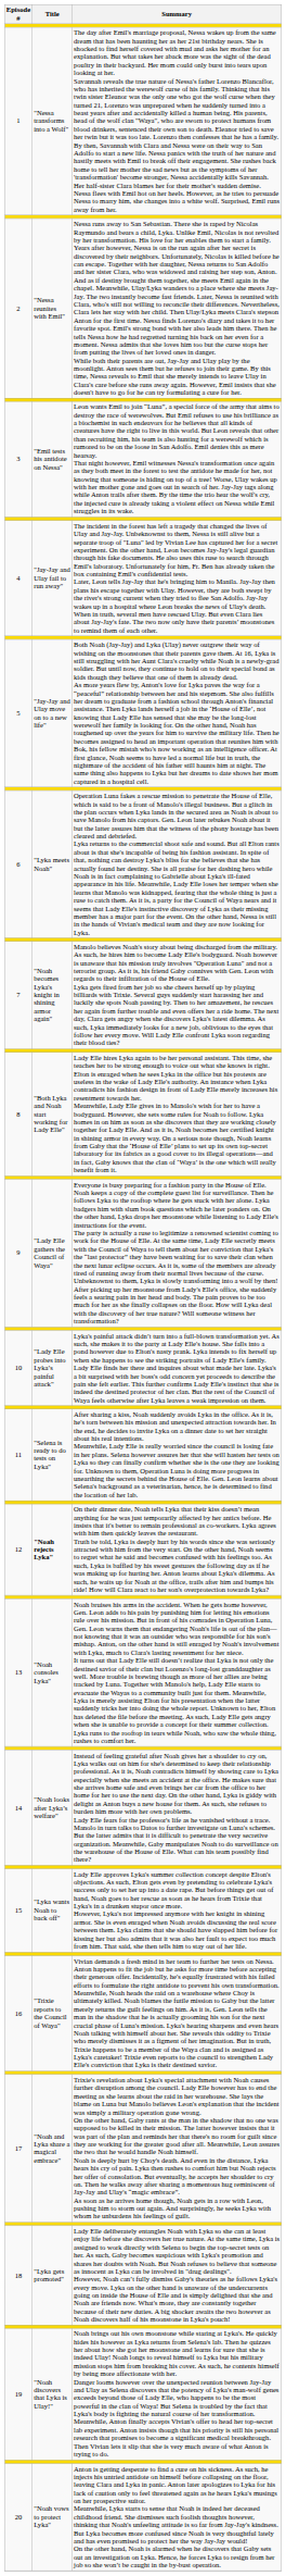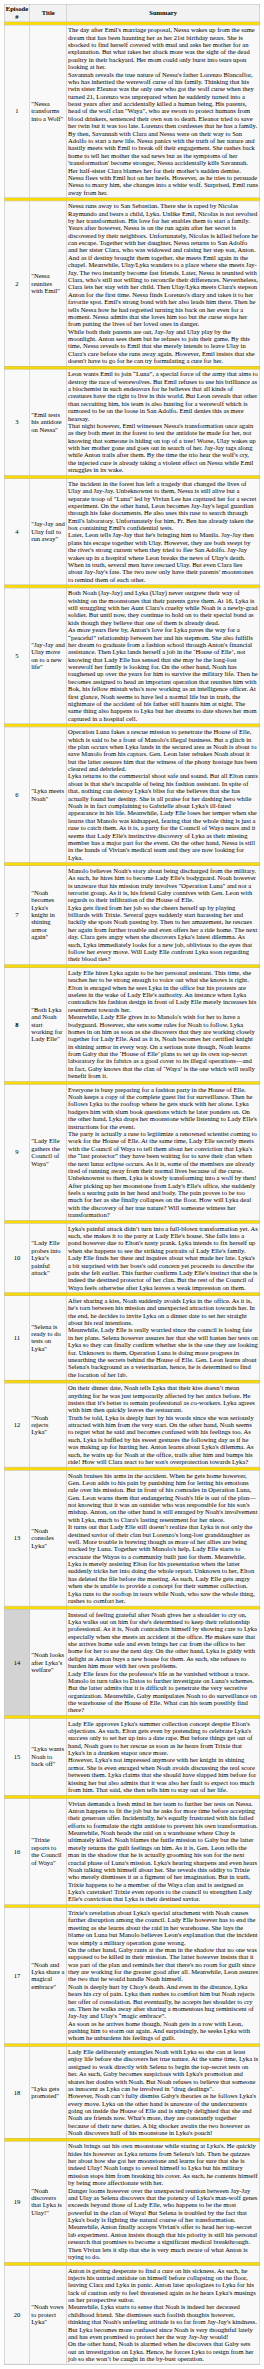 <table class="wikitable" style="margin:1em auto;">
 <tr>
 <th>Episode #</th>
 <th>Title</th>
 <th>Summary</th>
 </tr>
 <tr>
 <td colspan="3" bgcolor="#fada00"></td>
 </tr>
 <tr>
 <td align=center>1</td>
 <td>"Nessa transforms into a Wolf"</td>
 <td>The day after Emil's marriage proposal, Nessa wakes up from the same dream that has been haunting her as her 21st birthday nears. She is shocked to find herself covered with mud and asks her mother for an explanation. But what takes her aback more was the sight of the dead poultry in their backyard. Her mom could only burst into tears upon looking at her.<br>Savannah reveals the true nature of Nessa's father Lorenzo Blancaflor, who has inherited the werewolf curse of his family. Thinking that his twin sister Eleanor was the only one who got the wolf curse when they turned 21, Lorenzo was unprepared when he suddenly turned into a beast years after and accidentally killed a human being. His parents, head of the wolf clan "Waya", who are sworn to protect humans from blood drinkers, sentenced their own son to death. Eleanor tried to save her twin but it was too late. Lorenzo then confesses that he has a family. By then, Savannah with Clara and Nessa were on their way to San Adolfo to start a new life. Nessa panics with the truth of her nature and hastily meets with Emil to break off their engagement. She rushes back home to tell her mother the sad news but as the symptoms of her 'transformation' become stronger, Nessa accidentally kills Savannah. Her half-sister Clara blames her for their mother's sudden demise. Nessa flees with Emil hot on her heels. However, as he tries to persuade Nessa to marry him, she changes into a white wolf. Surprised, Emil runs away from her.</td>
 </tr>
 <tr>
 <td colspan="3" bgcolor="#fada00"></td>
 </tr>
 <tr>
 <td align=center>2</td>
 <td>"Nessa reunites with Emil"</td>
 <td>Nessa runs away to San Sebastian. There she is raped by Nicolas Raymundo and bears a child, Lyka.  Unlike Emil, Nicolas is not revolted by her transformation. His love for her enables them to start a family. Years after however, Nessa is on the run again after her secret is discovered by their neighbors. Unfortunately, Nicolas is killed before he can escape. Together with her daughter, Nessa returns to San Adolfo and her sister Clara, who was widowed and raising her step son, Anton.<br>And as if destiny brought them together, she meets Emil again in the chapel. Meanwhile, Ulay/Lyka wanders to a place where she meets Jay-Jay. The two instantly become fast friends. Later, Nessa is reunited with Clara, who's still not willing to reconcile their differences. Nevertheless, Clara lets her stay with her child. Then Ulay/Lyka meets Clara's stepson Anton for the first time. Nessa finds Lorenzo's diary and takes it to her favorite spot. Emil's strong bond with her also leads him there. Then he tells Nessa how he had regretted turning his back on her even for a moment. Nessa admits that she loves him too but the curse stops her from putting the lives of her loved ones in danger.<br>While both their parents are out, Jay-Jay and Ulay play by the moonlight. Anton sees them but he refuses to join their game. By this time, Nessa reveals to Emil that she merely intends to leave Ulay in Clara's care before she runs away again. However, Emil insists that she doesn't have to go for he can try formulating a cure for her.</td>
 </tr>
 <tr>
 <td colspan="3" bgcolor="#fada00"></td>
 </tr>
 <tr>
 <td align=center>3</td>
 <td>"Emil tests his antidote on Nessa"</td>
 <td>Leon wants Emil to join “Luna”, a special force of the army that aims to destroy the race of werewolves. But Emil refuses to use his brilliance as a biochemist in such endeavors for he believes that all kinds of creatures have the right to live in this world. But Leon reveals that other than recruiting him, his team is also hunting for a werewolf which is rumored to be on the loose in San Adolfo. Emil denies this as mere hearsay.<br>That night however, Emil witnesses Nessa's transformation once again as they both meet in the forest to test the antidote he made for her, not knowing that someone is hiding on top of a tree! Worse, Ulay wakes up with her mother gone and goes out in search of her. Jay-Jay tags along while Anton trails after them. By the time the trio hear the wolf's cry, the injected cure is already taking a violent effect on Nessa while Emil struggles in its wake.</td>
 </tr>
 <tr>
 <td colspan="3" bgcolor="#fada00"></td>
 </tr>
 <tr>
 <td align=center>4</td>
 <td>"Jay-Jay and Ulay fail to run away"</td>
 <td>The incident in the forest has left a tragedy that changed the lives of Ulay and Jay-Jay. Unbeknownst to them, Nessa is still alive but a separate troop of "Luna" led by Vivian Lee has captured her for a secret experiment. On the other hand, Leon becomes Jay-Jay's legal guardian through his fake documents. He also uses this ruse to search through Emil's laboratory. Unfortunately for him, Fr. Ben has already taken the box containing Emil's confidential tests.<br>Later, Leon tells Jay-Jay that he's bringing him to Manila. Jay-Jay then plans his escape together with Ulay. However, they are both swept by the river's strong current when they tried to flee San Adolfo. Jay-Jay wakes up in a hospital where Leon breaks the news of Ulay's death. When in truth, several men have rescued Ulay. But even Clara lies about Jay-Jay's fate. The two now only have their parents’ moonstones to remind them of each other.</td>
 </tr>
 <tr>
 <td colspan="3" bgcolor="#fada00"></td>
 </tr>
 <tr>
 <td align=center>5</td>
 <td>"Jay-Jay and Ulay move on to a new life"</td>
 <td>Both Noah (Jay-Jay) and Lyka (Ulay) never outgrew their way of wishing on the moonstones that their parents gave them. At 16, Lyka is still struggling with her Aunt Clara's cruelty while Noah is a newly-grad soldier. But until now, they continue to hold on to their special bond as kids though they believe that one of them is already dead.<br>As more years flew by, Anton's love for Lyka paves the way for a “peaceful” relationship between her and his stepmom. She also fulfills her dream to graduate from a fashion school through Anton's financial assistance. Then Lyka lands herself a job in the ‘House of Elle’, not knowing that Lady Elle has sensed that she may be the long-lost werewolf her family is looking for. On the other hand, Noah has toughened up over the years for him to survive the military life. Then he becomes assigned to head an important operation that reunites him with Bok, his fellow mistah who's now working as an intelligence officer. At first glance, Noah seems to have led a normal life but in truth, the nightmare of the accident of his father still haunts him at night. The same thing also happens to Lyka but her dreams to date shows her mom captured in a hospital cell.</td>
 </tr>
 <tr>
 <td colspan="3" bgcolor="#fada00"></td>
 </tr>
 <tr>
 <td align=center>6</td>
 <td>"Lyka meets Noah"</td>
 <td>Operation Luna fakes a rescue mission to penetrate the House of Elle, which is said to be a front of Manolo's illegal business. But a glitch in the plan occurs when Lyka lands in the secured area as Noah is about to save Manolo from his captors. Gen. Leon later rebukes Noah about it but the latter assures him that the witness of the phony hostage has been cleared and debriefed.<br>Lyka returns to the commercial shoot safe and sound. But all Elton rants about is that she's incapable of being his fashion assistant. In spite of that, nothing can destroy Lyka's bliss for she believes that she has actually found her destiny. She is all praise for her dashing hero while Noah is in fact complaining to Gabrielle about Lyka's ill-fated appearance in his life. Meanwhile, Lady Elle loses her temper when she learns that Manolo was kidnapped, fearing that the whole thing is just a ruse to catch them. As it is, a party for the Council of Waya nears and it seems that Lady Elle's instinctive discovery of Lyka as their missing member has a major part for the event. On the other hand, Nessa is still in the hands of Vivian's medical team and they are now looking for Lyka.</td>
 </tr>
 <tr>
 <td colspan="3" bgcolor="#fada00"></td>
 </tr>
 <tr>
 <td align=center>7</td>
 <td>"Noah becomes Lyka's knight in shining armor again"</td>
 <td>Manolo believes Noah's story about being discharged from the military. As such, he hires him to become Lady Elle's bodyguard. Noah however is unaware that his mission truly involves "Operation Luna" and not a terrorist group. As it is, his friend Gaby connives with Gen. Leon with regards to their infiltration of the House of Elle.<br>Lyka gets fired from her job so she cheers herself up by playing billiards with Trixie. Several guys suddenly start harassing her and luckily she spots Noah passing by. Then to her amazement, he rescues her again from further trouble and even offers her a ride home. The next day, Clara gets angry when she discovers Lyka's latest dilemma. As such, Lyka immediately looks for a new job, oblivious to the eyes that follow her every move. Will Lady Elle confront Lyka soon regarding their blood ties?</td>
 </tr>
 <tr>
 <td colspan="3" bgcolor="#fada00"></td>
 </tr>
 <tr>
-<td align=center>8</td>
+<td align=center><strong>8</strong></td>
 <td>"Both Lyka and Noah start working for Lady Elle"</td>
 <td>Lady Elle hires Lyka again to be her personal assistant. This time, she teaches her to be strong enough to voice out what she knows is right. Elton is enraged when he sees Lyka in the office but his protests are useless in the wake of Lady Elle's authority. An instance when Lyka contradicts his fashion design in front of Lady Elle merely increases his resentment towards her.<br>Meanwhile, Lady Elle gives in to Manolo's wish for her to have a bodyguard. However, she sets some rules for Noah to follow. Lyka homes in on him as soon as she discovers that they are working closely together for Lady Elle. And as it is, Noah becomes her certified knight in shining armor in every way. On a serious note though, Noah learns from Gaby that the ‘House of Elle’ plans to set up its own top-secret laboratory for its fabrics as a good cover to its illegal operations—and in fact, Gaby knows that the clan of ‘Waya’ is the one which will really benefit from it.</td>
 </tr>
 <tr>
 <td colspan="3" bgcolor="#fada00"></td>
 </tr>
 <tr>
 <td align=center>9</td>
 <td>"Lady Elle gathers the Council of Waya"</td>
 <td>Everyone is busy preparing for a fashion party in the House of Elle. Noah keeps a copy of the complete guest list for surveillance. Then he follows Lyka to the rooftop where he gets stuck with her alone. Lyka badgers him with slum book questions which he later ponders on. On the other hand, Lyka drops her moonstone while listening to Lady Elle's instructions for the event.<br>The party is actually a ruse to legitimize a renowned scientist coming to work for the House of Elle. At the same time, Lady Elle secretly meets with the Council of Waya to tell them about her conviction that Lyka's the “last protector” they have been waiting for to save their clan when the next lunar eclipse occurs. As it is, some of the members are already tired of running away from their normal lives because of the curse. Unbeknownst to them, Lyka is slowly transforming into a wolf by then! After picking up her moonstone from Lady's Elle's office, she suddenly feels a searing pain in her head and body. The pain proves to be too much for her as she finally collapses on the floor. How will Lyka deal with the discovery of her true nature? Will someone witness her transformation?</td>
 </tr>
 <tr>
 <td colspan="3" bgcolor="#fada00"></td>
 </tr>
 <tr>
 <td align=center>10</td>
 <td>"Lady Elle probes into Lyka’s painful attack"</td>
 <td>Lyka's painful attack didn’t turn into a full-blown transformation yet. As such, she makes it to the party at Lady Elle's house. She falls into a pond however due to Elton's nasty prank. Lyka intends to fix herself up when she happens to see the striking portraits of Lady Elle's family. Lady Elle finds her there and inquires about what made her late. Lyka's a bit surprised with her boss's odd concern yet proceeds to describe the pain she felt earlier. This further confirms Lady Elle's instinct that she is indeed the destined protector of her clan. But the rest of the Council of Waya feels otherwise after Lyka leaves a weak impression on them.</td>
 </tr>
 <tr>
 <td colspan="3" bgcolor="#fada00"></td>
 </tr>
 <tr>
 <td align=center>11</td>
 <td>"Selena is ready to do tests on Lyka"</td>
 <td>After sharing a kiss, Noah suddenly avoids Lyka in the office. As it is, he's torn between his mission and unexpected attraction towards her. In the end, he decides to invite Lyka on a dinner date to set her straight about his real intentions.<br>Meanwhile, Lady Elle is really worried since the council is losing fate in her plans. Selena however assures her that she will hasten her tests on Lyka so they can finally confirm whether she is the one they are looking for. Unknown to them, Operation Luna is doing more progress in unearthing the secrets behind the House of Elle. Gen. Leon learns about Selena's background as a veterinarian, hence, he is determined to find the location of her lab.</td>
 </tr>
 <tr>
 <td colspan="3" bgcolor="#fada00"></td>
 </tr>
 <tr>
 <td align=center>12</td>
-<td><strong>"Noah rejects Lyka"</strong></td>
+<td>"Noah rejects Lyka"</td>
 <td>On their dinner date, Noah tells Lyka that their kiss doesn’t mean anything for he was just temporarily affected by her antics before. He insists that it's better to remain professional as co-workers. Lyka agrees with him then quickly leaves the restaurant.<br>Truth be told, Lyka is deeply hurt by his words since she was seriously attracted with him from the very start. On the other hand, Noah seems to regret what he said and becomes confused with his feelings too. As such, Lyka is baffled by his sweet gestures the following day as if he was making up for hurting her. Anton learns about Lyka's dilemma. As such, he waits up for Noah at the office, trails after him and bumps his ride! How will Clara react to her son's overprotection towards Lyka?</td>
 </tr>
 <tr>
 <td colspan="3" bgcolor="#fada00"></td>
 </tr>
 <tr>
 <td align=center>13</td>
 <td>"Noah consoles Lyka"</td>
 <td>Noah bruises his arms in the accident. When he gets home however, Gen. Leon adds to his pain by punishing him for letting his emotions rule over his mission. But in front of his comrades in Operation Luna, Gen. Leon warns them that endangering Noah's life is out of the plan—not knowing that it was an outsider who was responsible for his son's mishap. Anton, on the other hand is still enraged by Noah's involvement with Lyka, much to Clara's lasting resentment for her niece.<br>It turns out that Lady Elle still doesn’t realize that Lyka is not only the destined savior of their clan but Lorenzo's long-lost granddaughter as well. More trouble is brewing though as more of her allies are being tracked by Luna. Together with Manolo's help, Lady Elle starts to evacuate the Wayas to a community built just for them. Meanwhile, Lyka is merely assisting Elton for his presentation when the latter suddenly tricks her into doing the whole report. Unknown to her, Elton has deleted the file before the meeting. As such, Lady Elle gets angry when she is unable to provide a concept for their summer collection. Lyka runs to the rooftop in tears while Noah, who saw the whole thing, rushes to comfort her.</td>
 </tr>
 <tr>
 <td colspan="3" bgcolor="#fada00"></td>
 </tr>
 <tr>
-<td align=center>14</td>
+<td align=center style="background: lightgrey;">14</td>
 <td>"Noah looks after Lyka’s welfare"</td>
 <td>Instead of feeling grateful after Noah gives her a shoulder to cry on, Lyka walks out on him for she's determined to keep their relationship professional. As it is, Noah contradicts himself by showing care to Lyka especially when she meets an accident at the office. He makes sure that she arrives home safe and even brings her car from the office to her home for her to use the next day. On the other hand, Lyka is giddy with delight as Anton buys a new house for them. As such, she refuses to burden him more with her own problems.<br>Lady Elle fears for the professor's life as he vanished without a trace. Manolo in turn talks to Datos to further investigate on Luna's schemes. But the latter admits that it is difficult to penetrate the very secretive organization. Meanwhile, Gaby manipulates Noah to do surveillance on the warehouse of the House of Elle. What can his team possibly find there?</td>
 </tr>
 <tr>
 <td colspan="3" bgcolor="#fada00"></td>
 </tr>
 <tr>
 <td align=center>15</td>
 <td>"Lyka wants Noah to back off"</td>
 <td>Lady Elle approves Lyka's summer collection concept despite Elton's objections. As such, Elton gets even by pretending to celebrate Lyka's success only to set her up into a date rape. But before things get out of hand, Noah goes to her rescue as soon as he hears from Trixie that Lyka's in a drunken stupor once more.<br>However, Lyka's not impressed anymore with her knight in shining armor. She is even enraged when Noah avoids discussing the real score between them. Lyka claims that she should have slapped him before for kissing her but also admits that it was also her fault to expect too much from him. That said, she then tells him to stay out of her life. </td>
 </tr>
 <tr>
 <td colspan="3" bgcolor="#fada00"></td>
 </tr>
 <tr>
 <td align=center>16</td>
 <td>"Trixie reports to the Council of Waya"</td>
 <td>Vivian demands a fresh mind in her team to further her tests on Nessa. Anton happens to fit the job but he asks for more time before accepting their generous offer. Incidentally, he's equally frustrated with his failed efforts to formulate the right antidote to prevent his own transformation.<br>Meanwhile, Noah heads the raid on a warehouse where Choy is ultimately killed. Noah blames the futile mission to Gaby but the latter merely returns the guilt feelings on him. As it is, Gen. Leon tells the man in the shadow that he is actually grooming his son for the next crucial phase of Luna's mission. Lyka's hearing sharpens and even hears Noah talking with himself about her. She reveals this oddity to Trixie who merely dismisses it as a figment of her imagination. But in truth, Trixie happens to be a member of the Waya clan and is assigned as Lyka's caretaker! Trixie even reports to the council to strengthen Lady Elle's conviction that Lyka is their destined savior.</td>
 </tr>
 <tr>
 <td colspan="3" bgcolor="#fada00"></td>
 </tr>
 <tr>
 <td align=center>17</td>
 <td>"Noah and Lyka share a magical embrace"</td>
 <td>Trixie's revelation about Lyka's special attachment with Noah causes further disruption among the council. Lady Elle however has to end the meeting as she learns about the raid in her warehouse. She lays the blame on Luna but Manolo believes Leon's explanation that the incident was simply a military operation gone wrong.<br>On the other hand, Gaby rants at the man in the shadow that no one was supposed to be killed in their mission. The latter however insists that it was part of the plan and reminds her that there's no room for guilt since they are working for the greater good after all. Meanwhile, Leon assures the two that he would handle Noah himself.<br>Noah is deeply hurt by Choy's death. And even in the distance, Lyka hears his cry of pain. Lyka then rushes to comfort him but Noah rejects her offer of consolation. But eventually, he accepts her shoulder to cry on. Then he walks away after sharing a momentous hug reminiscent of Jay-Jay and Ulay's “magic embrace”.<br>As soon as he arrives home though, Noah gets in a row with Leon, pushing him to storm out again. And surprisingly, he seeks Lyka with whom he unburdens his feelings of guilt.</td>
 </tr>
 <tr>
 <td colspan="3" bgcolor="#fada00"></td>
 </tr>
 <tr>
 <td align=center>18</td>
 <td>"Lyka gets promoted"</td>
 <td>Lady Elle deliberately entangles Noah with Lyka so she can at least enjoy life before she discovers her true nature. At the same time, Lyka is assigned to work directly with Selena to begin the top-secret tests on her. As such, Gaby becomes suspicious with Lyka's promotion and shares her doubts with Noah. But Noah refuses to believe that someone as innocent as Lyka can be involved in "drug dealings".<br>However, Noah can’t fully dismiss Gaby's theories as he follows Lyka's every move. Lyka on the other hand is unaware of the undercurrents going on inside the House of Elle and is simply delighted that she and Noah are friends now. What's more, they are constantly together because of their new duties. A big shocker awaits the two however as Noah discovers half of his moonstone in Lyka's pouch!</td>
 </tr>
 <tr>
 <td colspan="3" bgcolor="#fada00"></td>
 </tr>
 <tr>
 <td align=center>19</td>
 <td>"Noah discovers that Lyka is Ulay!"</td>
 <td>Noah brings out his own moonstone while staring at Lyka's. He quickly hides his however as Lyka returns from Selena's lab. Then he quizzes her about how she got her moonstone and learns for sure that she is indeed Ulay! Noah longs to reveal himself to Lyka but his military mission stops him from breaking his cover. As such, he contents himself by being more affectionate with her.<br>Danger looms however over the unexpected reunion between Jay-Jay and Ulay as Selena discovers that the potency of Lyka's man-wolf genes exceeds beyond those of Lady Elle, who happens to be the most powerful in the clan of Waya! But Selena is troubled by the fact that Lyka's body is fighting the natural course of her transformation.<br>Meanwhile, Anton finally accepts Vivian's offer to head her top-secret lab experiment. Anton insists though that his priority is still his personal research that promises to become a significant medical breakthrough. Then Vivian lets it slip that she is very much aware of what Anton is trying to do.</td>
 </tr>
 <tr>
 <td colspan="3" bgcolor="#fada00"></td>
 </tr>
 <tr>
 <td align=center>20</td>
 <td>"Noah vows to protect Lyka"</td>
 <td>Anton is getting desperate to find a cure on his sickness. As such, he injects his untried antidote on himself before collapsing on the floor, leaving Clara and Lyka in panic. Anton later apologizes to Lyka for his lack of caution only to feel threatened again as he hears Lyka's musings on her prospective suitor.<br>Meanwhile, Lyka starts to sense that Noah is indeed her deceased childhood friend. She dismisses such foolish thoughts however, thinking that Noah's unfeeling attitude is so far from Jay-Jay's kindness. But Lyka becomes more confused since Noah is very thoughtful lately and has even promised to protect her the way Jay-Jay would!<br>On the other hand, Noah is alarmed when he discovers that Gaby sets out an investigation on Lyka. Hence, he forces Lyka to resign from her job so she won’t be caught in the by-bust operation.</td>
 </tr>
 <tr>
 </tr>
 </table>
